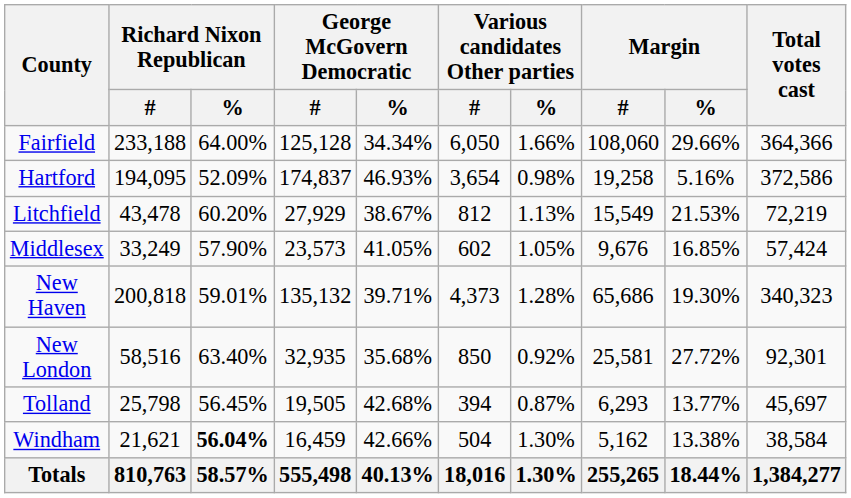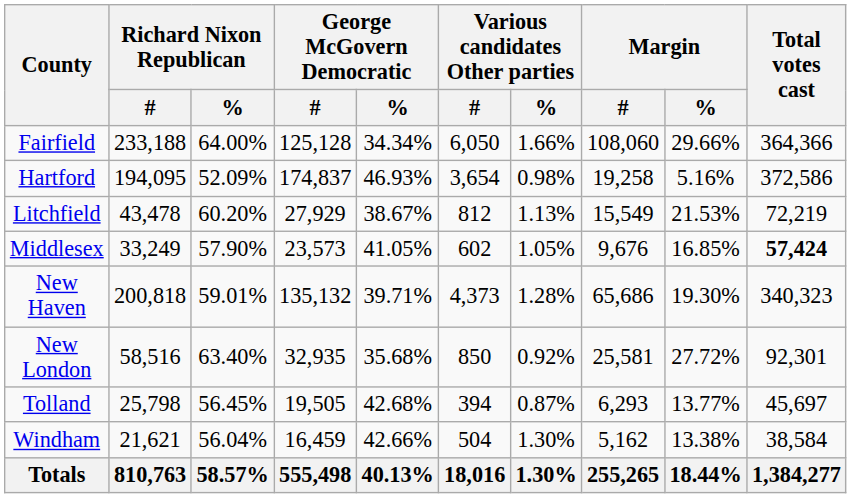 <table width="60%"  class="wikitable sortable" style="text-align:center">
 <tr>
 <th style="text-align:center;" rowspan="2">County</th>
 <th style="text-align:center;" colspan="2">Richard Nixon<br>Republican</th>
 <th style="text-align:center;" colspan="2">George McGovern<br>Democratic</th>
 <th style="text-align:center;" colspan="2">Various candidates<br>Other parties</th>
 <th style="text-align:center;" colspan="2">Margin</th>
 <th style="text-align:center;" rowspan="2">Total votes cast</th>
 </tr>
 <tr>
 <th style="text-align:center;" data-sort-type="number">#</th>
 <th style="text-align:center;" data-sort-type="number">%</th>
 <th style="text-align:center;" data-sort-type="number">#</th>
 <th style="text-align:center;" data-sort-type="number">%</th>
 <th style="text-align:center;" data-sort-type="number">#</th>
 <th style="text-align:center;" data-sort-type="number">%</th>
 <th style="text-align:center;" data-sort-type="number">#</th>
 <th style="text-align:center;" data-sort-type="number">%</th>
 </tr>
 <tr style="text-align:center;">
 <td><a href='#'>Fairfield</a></td>
 <td>233,188</td>
 <td>64.00%</td>
 <td>125,128</td>
 <td>34.34%</td>
 <td>6,050</td>
 <td>1.66%</td>
 <td>108,060</td>
 <td>29.66%</td>
 <td>364,366</td>
 </tr>
 <tr style="text-align:center;">
 <td><a href='#'>Hartford</a></td>
 <td>194,095</td>
 <td>52.09%</td>
 <td>174,837</td>
 <td>46.93%</td>
 <td>3,654</td>
 <td>0.98%</td>
 <td>19,258</td>
 <td>5.16%</td>
 <td>372,586</td>
 </tr>
 <tr style="text-align:center;">
 <td><a href='#'>Litchfield</a></td>
 <td>43,478</td>
 <td>60.20%</td>
 <td>27,929</td>
 <td>38.67%</td>
 <td>812</td>
 <td>1.13%</td>
 <td>15,549</td>
 <td>21.53%</td>
 <td>72,219</td>
 </tr>
 <tr style="text-align:center;">
 <td><a href='#'>Middlesex</a></td>
 <td>33,249</td>
 <td>57.90%</td>
 <td>23,573</td>
 <td>41.05%</td>
 <td>602</td>
 <td>1.05%</td>
 <td>9,676</td>
 <td>16.85%</td>
-<td>57,424</td>
+<td><strong>57,424</strong></td>
 </tr>
 <tr style="text-align:center;">
 <td><a href='#'>New Haven</a></td>
 <td>200,818</td>
 <td>59.01%</td>
 <td>135,132</td>
 <td>39.71%</td>
 <td>4,373</td>
 <td>1.28%</td>
 <td>65,686</td>
 <td>19.30%</td>
 <td>340,323</td>
 </tr>
 <tr style="text-align:center;">
 <td><a href='#'>New London</a></td>
 <td>58,516</td>
 <td>63.40%</td>
 <td>32,935</td>
 <td>35.68%</td>
 <td>850</td>
 <td>0.92%</td>
 <td>25,581</td>
 <td>27.72%</td>
 <td>92,301</td>
 </tr>
 <tr style="text-align:center;">
 <td><a href='#'>Tolland</a></td>
 <td>25,798</td>
 <td>56.45%</td>
 <td>19,505</td>
 <td>42.68%</td>
 <td>394</td>
 <td>0.87%</td>
 <td>6,293</td>
 <td>13.77%</td>
 <td>45,697</td>
 </tr>
 <tr style="text-align:center;">
 <td><a href='#'>Windham</a></td>
 <td>21,621</td>
-<td><strong>56.04%</strong></td>
+<td>56.04%</td>
 <td>16,459</td>
 <td>42.66%</td>
 <td>504</td>
 <td>1.30%</td>
 <td>5,162</td>
 <td>13.38%</td>
 <td>38,584</td>
 </tr>
 <tr>
 <th>Totals</th>
 <th>810,763</th>
 <th>58.57%</th>
 <th>555,498</th>
 <th>40.13%</th>
 <th>18,016</th>
 <th>1.30%</th>
 <th>255,265</th>
 <th>18.44%</th>
 <th>1,384,277</th>
 </tr>
 </table>
